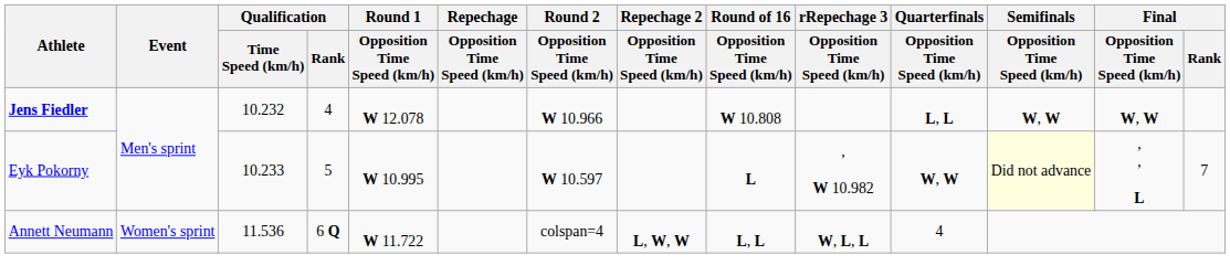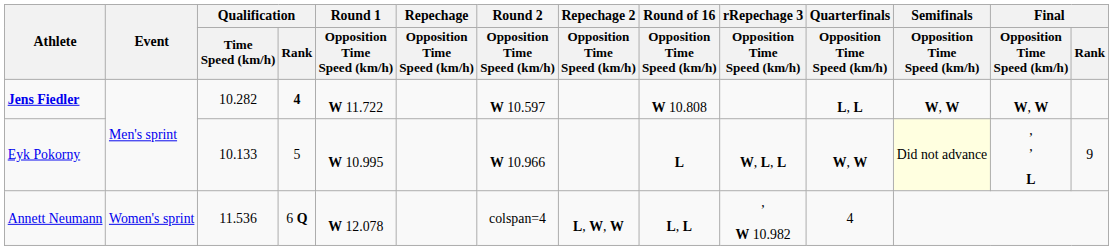 <table class="wikitable" style="font-size:90%">
 <tr>
 <th rowspan=2>Athlete</th>
 <th rowspan=2>Event</th>
 <th colspan=2>Qualification</th>
 <th>Round 1</th>
 <th>Repechage</th>
 <th>Round 2</th>
 <th>Repechage 2</th>
 <th>Round of 16</th>
 <th>rRepechage 3</th>
 <th>Quarterfinals</th>
 <th>Semifinals</th>
 <th colspan=2>Final</th>
 </tr>
 <tr style="font-size:95%">
 <th>Time<br>Speed (km/h)</th>
 <th>Rank</th>
 <th>Opposition<br>Time<br>Speed (km/h)</th>
 <th>Opposition<br>Time<br>Speed (km/h)</th>
 <th>Opposition<br>Time<br>Speed (km/h)</th>
 <th>Opposition<br>Time<br>Speed (km/h)</th>
 <th>Opposition<br>Time<br>Speed (km/h)</th>
 <th>Opposition<br>Time<br>Speed (km/h)</th>
 <th>Opposition<br>Time<br>Speed (km/h)</th>
 <th>Opposition<br>Time<br>Speed (km/h)</th>
 <th>Opposition<br>Time<br>Speed (km/h)</th>
 <th>Rank</th>
 </tr>
 <tr align=center>
 <td align=left><strong><a href='#'>Jens Fiedler</a></strong></td>
 <td align=left rowspan=2><a href='#'>Men's sprint</a></td>
-<td>10.232</td>
-<td>4</td>
-<td><br><strong>W</strong> 12.078</td>
+<td>10.282</td>
+<td><strong>4</strong></td>
+<td><br><strong>W</strong> 11.722</td>
 <td></td>
-<td><br><strong>W</strong> 10.966</td>
+<td><br><strong>W</strong> 10.597</td>
 <td></td>
 <td><br><strong>W</strong> 10.808</td>
 <td></td>
 <td><br><strong>L</strong>, <strong>L</strong></td>
 <td><br><strong>W</strong>, <strong>W</strong></td>
 <td><br><strong>W</strong>, <strong>W</strong></td>
 <td></td>
 </tr>
 <tr align=center>
 <td align=left><a href='#'>Eyk Pokorny</a></td>
-<td>10.233</td>
+<td>10.133</td>
 <td>5</td>
 <td><br><strong>W</strong> 10.995</td>
 <td></td>
-<td><br><strong>W</strong> 10.597</td>
+<td><br><strong>W</strong> 10.966</td>
 <td></td>
 <td><br><strong>L</strong></td>
-<td>,<br><br><strong>W</strong> 10.982</td>
+<td><br><strong>W</strong>, <strong>L</strong>, <strong>L</strong></td>
 <td><br><strong>W</strong>, <strong>W</strong></td>
 <td style="background: lightyellow;">Did not advance</td>
 <td>,<br>,<br><br><strong>L</strong></td>
-<td>7</td>
+<td>9</td>
 </tr>
 <tr align=center>
 <td align=left><a href='#'>Annett Neumann</a></td>
 <td align=left><a href='#'>Women's sprint</a></td>
 <td>11.536</td>
 <td>6 <strong>Q</strong></td>
-<td><br><strong>W</strong> 11.722</td>
+<td><br><strong>W</strong> 12.078</td>
 <td></td>
 <td>colspan=4</td>
 <td><br><strong>L</strong>, <strong>W</strong>, <strong>W</strong></td>
 <td><br><strong>L</strong>, <strong>L</strong></td>
-<td><br><strong>W</strong>, <strong>L</strong>, <strong>L</strong></td>
+<td>,<br><br><strong>W</strong> 10.982</td>
 <td>4</td>
 </tr>
 </table>
